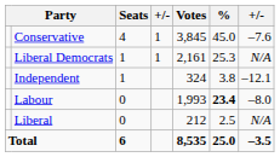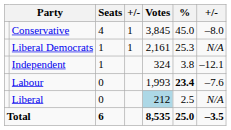 <table class="wikitable sortable">
 <tr>
 <th colspan="2">Party</th>
 <th>Seats</th>
 <th>+/-</th>
 <th>Votes</th>
 <th>%</th>
 <th>+/-</th>
 </tr>
 <tr>
 <td style="background-color: "></td>
 <td><a href='#'>Conservative</a></td>
 <td>4</td>
 <td> 1</td>
 <td style="text-align:right;">3,845</td>
 <td style="text-align:right;">45.0</td>
-<td style="text-align:right;">–7.6</td>
+<td style="text-align:right;">–8.0</td>
 </tr>
 <tr>
 <td style="background-color: "></td>
 <td><a href='#'>Liberal Democrats</a></td>
 <td>1</td>
 <td> 1</td>
 <td style="text-align:right;">2,161</td>
 <td style="text-align:right;">25.3</td>
 <td style="text-align:right;"><em>N/A</em></td>
 </tr>
 <tr>
 <td style="background-color: "></td>
 <td><a href='#'>Independent</a></td>
 <td>1</td>
 <td></td>
 <td style="text-align:right;">324</td>
 <td style="text-align:right;">3.8</td>
 <td style="text-align:right;">–12.1</td>
 </tr>
 <tr>
 <td style="background-color: "></td>
 <td><a href='#'>Labour</a></td>
 <td>0</td>
 <td></td>
 <td style="text-align:right;">1,993</td>
 <td style="text-align:right;"><strong>23.4</strong></td>
-<td style="text-align:right;">–8.0</td>
+<td style="text-align:right;">–7.6</td>
 </tr>
 <tr>
 <td style="background-color: "></td>
 <td><a href='#'>Liberal</a></td>
 <td>0</td>
 <td></td>
-<td style="text-align:right;">212</td>
+<td style="background: lightblue; text-align:right;">212</td>
 <td style="text-align:right;">2.5</td>
 <td style="text-align:right;"><em>N/A</em></td>
 </tr>
 <tr>
 <td colspan="2"><strong>Total</strong></td>
 <td><strong>6</strong></td>
 <td></td>
 <td style="text-align:right;"><strong>8,535</strong></td>
 <td style="text-align:right;"><strong>25.0</strong></td>
 <td style="text-align:right;"><strong>–3.5</strong></td>
 </tr>
 </table>
